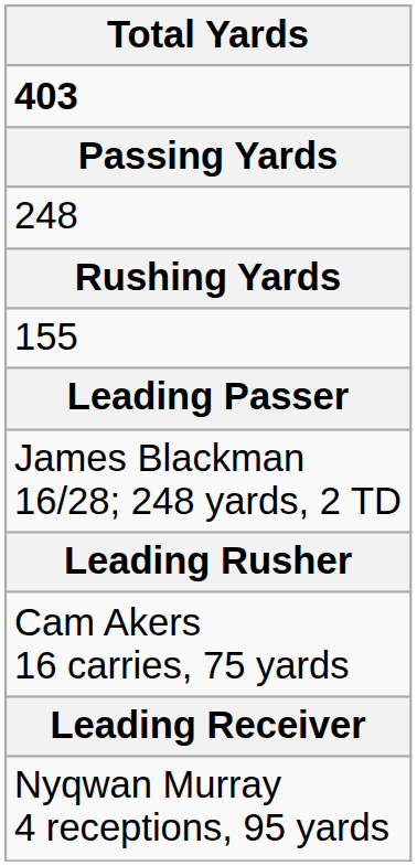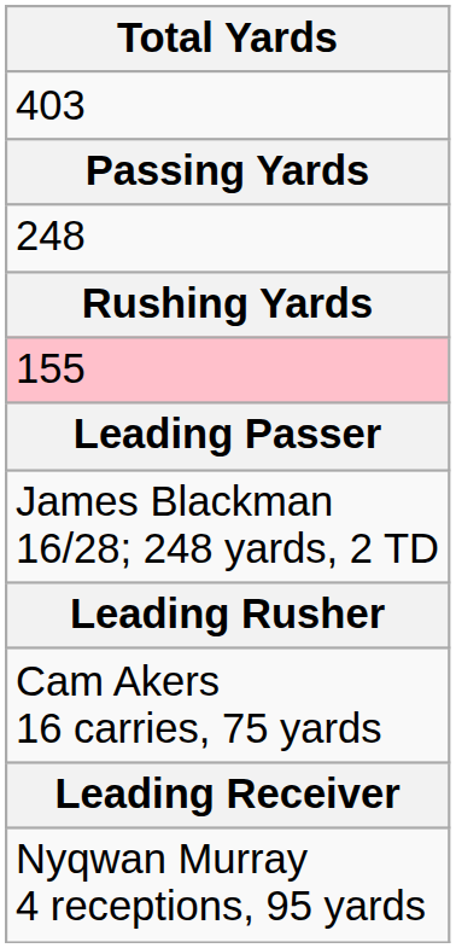 <table class="wikitable">
 <tr>
 <th>Total Yards</th>
 </tr>
 <tr>
-<td><strong>403</strong></td>
+<td>403</td>
 </tr>
 <tr>
 <th>Passing Yards</th>
 </tr>
 <tr>
 <td>248</td>
 </tr>
 <tr>
 <th>Rushing Yards</th>
 </tr>
 <tr>
-<td>155</td>
+<td style="background: pink;">155</td>
 </tr>
 <tr>
 <th>Leading Passer</th>
 </tr>
 <tr>
 <td>James Blackman<br>16/28; 248 yards, 2 TD</td>
 </tr>
 <tr>
 <th>Leading Rusher</th>
 </tr>
 <tr>
 <td>Cam Akers<br>16 carries, 75 yards</td>
 </tr>
 <tr>
 <th>Leading Receiver</th>
 </tr>
 <tr>
 <td>Nyqwan Murray<br>4 receptions, 95 yards</td>
 </tr>
 </table>
